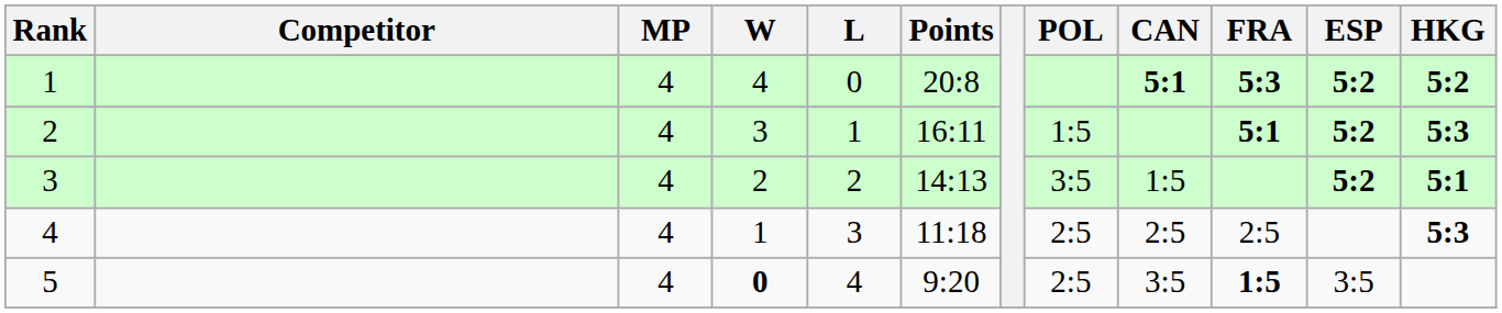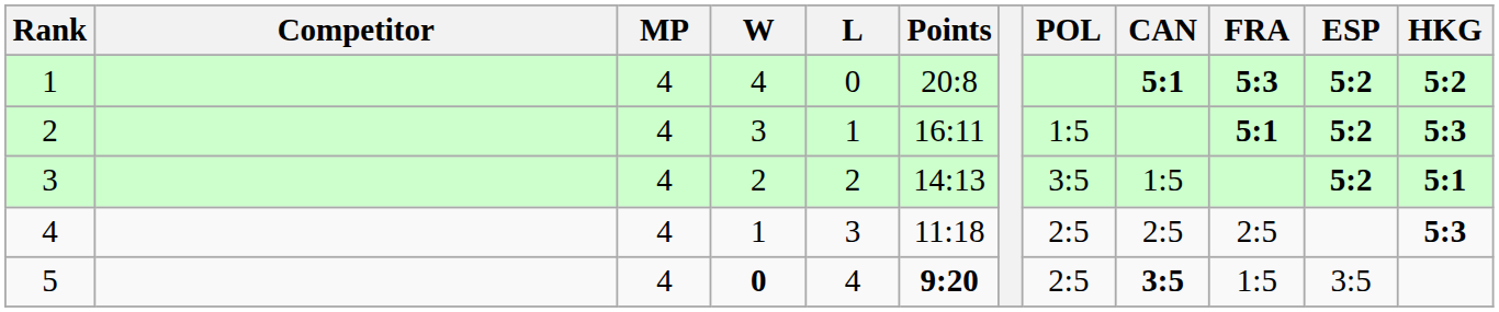 <table class="wikitable" style="text-align:center">
 <tr>
 <th>Rank</th>
 <th style="width:16em">Competitor</th>
 <th style="width:2.5em">MP</th>
 <th style="width:2.5em">W</th>
 <th style="width:2.5em">L</th>
 <th>Points</th>
 <th rowspan="6"> </th>
 <th style="width:2.5em">POL</th>
 <th style="width:2.5em">CAN</th>
 <th style="width:2.5em">FRA</th>
 <th style="width:2.5em">ESP</th>
 <th style="width:2.5em">HKG</th>
 </tr>
 <tr style="background:#cfc;">
 <td>1</td>
 <td style="text-align:left"></td>
 <td>4</td>
 <td>4</td>
 <td>0</td>
 <td>20:8</td>
 <td></td>
 <td><strong>5:1</strong></td>
 <td><strong>5:3</strong></td>
 <td><strong>5:2</strong></td>
 <td><strong>5:2</strong></td>
 </tr>
 <tr style="background:#cfc;">
 <td>2</td>
 <td style="text-align:left"></td>
 <td>4</td>
 <td>3</td>
 <td>1</td>
 <td>16:11</td>
 <td>1:5</td>
 <td></td>
 <td><strong>5:1</strong></td>
 <td><strong>5:2</strong></td>
 <td><strong>5:3</strong></td>
 </tr>
 <tr style="background:#cfc;">
 <td>3</td>
 <td style="text-align:left"></td>
 <td>4</td>
 <td>2</td>
 <td>2</td>
 <td>14:13</td>
 <td>3:5</td>
 <td>1:5</td>
 <td></td>
 <td><strong>5:2</strong></td>
 <td><strong>5:1</strong></td>
 </tr>
 <tr>
 <td>4</td>
 <td style="text-align:left"></td>
 <td>4</td>
 <td>1</td>
 <td>3</td>
 <td>11:18</td>
 <td>2:5</td>
 <td>2:5</td>
 <td>2:5</td>
 <td></td>
 <td><strong>5:3</strong></td>
 </tr>
 <tr>
 <td>5</td>
 <td style="text-align:left"></td>
 <td>4</td>
 <td><strong>0</strong></td>
 <td>4</td>
-<td>9:20</td>
+<td><strong>9:20</strong></td>
 <td>2:5</td>
-<td>3:5</td>
-<td><strong>1:5</strong></td>
+<td><strong>3:5</strong></td>
+<td>1:5</td>
 <td>3:5</td>
 <td></td>
 </tr>
 </table>
